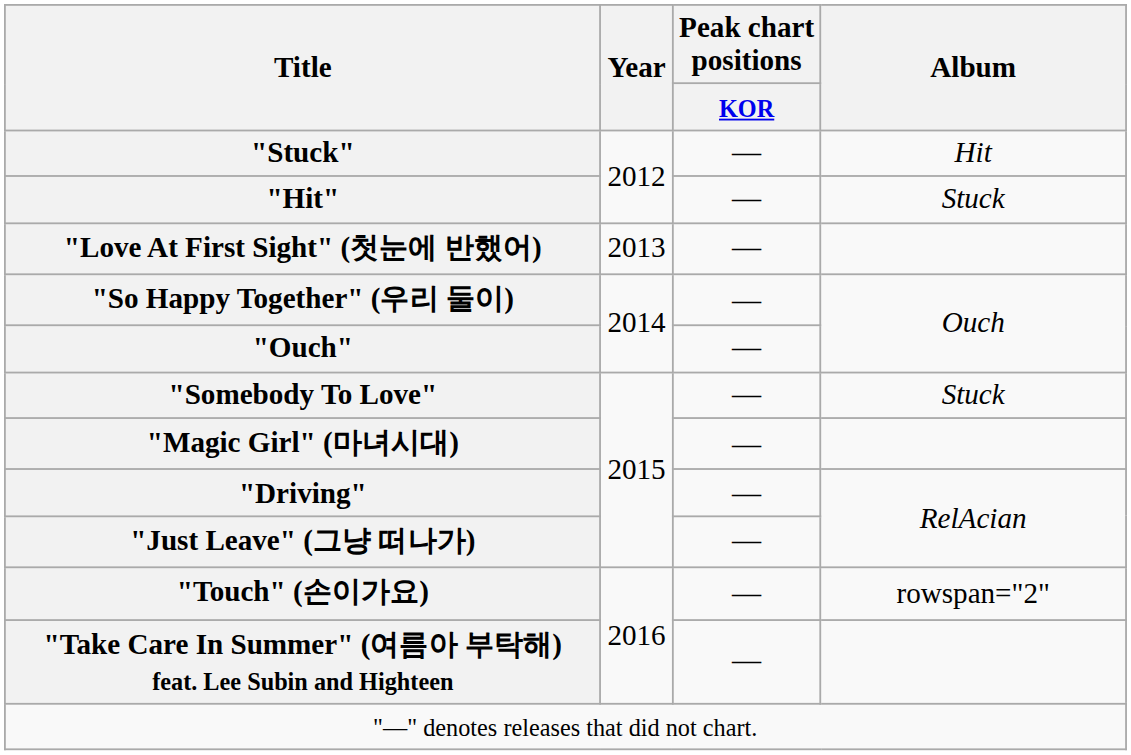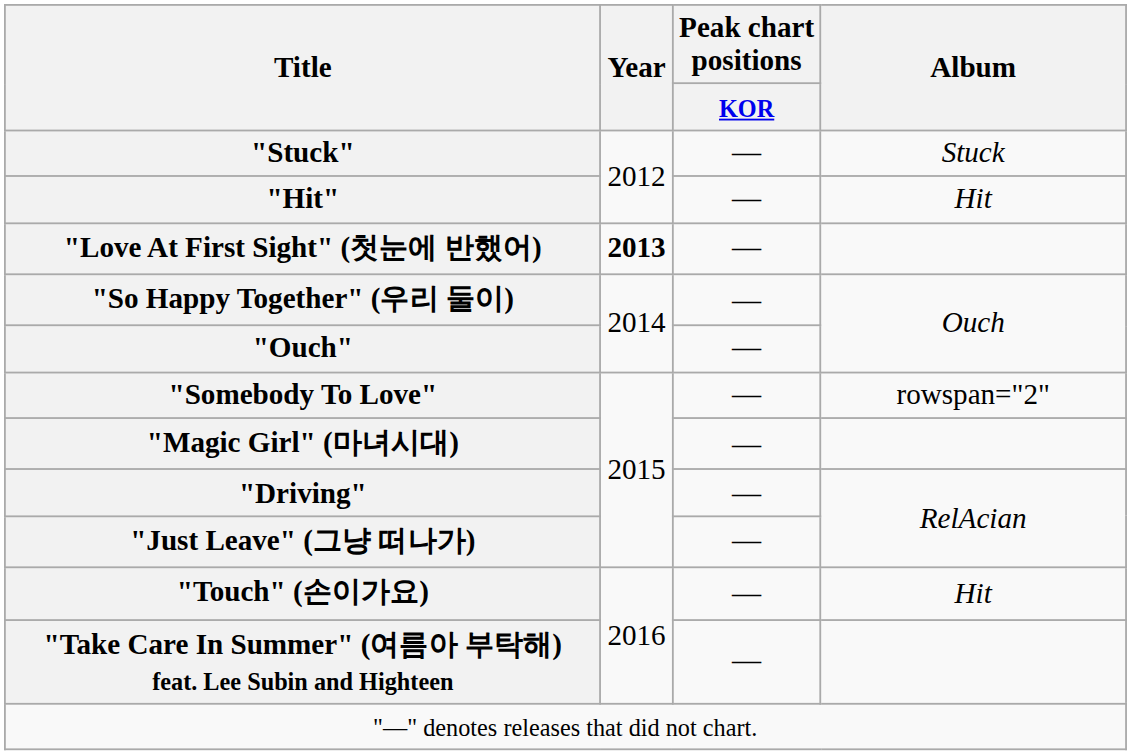 <table class="wikitable plainrowheaders" style="text-align:center;" border="1">
 <tr>
 <th scope="col" rowspan="2" style="width:20em;">Title</th>
 <th scope="col" rowspan="2">Year</th>
 <th scope="col" colspan="1">Peak chart <br> positions</th>
 <th scope="col" rowspan="2" style="width:10em;">Album</th>
 </tr>
 <tr>
 <th><small><a href='#'>KOR</a></small><br></th>
 </tr>
 <tr>
 <th scope="row">"Stuck"</th>
 <td rowspan="2">2012</td>
 <td>—</td>
-<td><em>Hit</em></td>
+<td><em>Stuck</em></td>
 </tr>
 <tr>
 <th scope="row">"Hit"</th>
 <td>—</td>
-<td><em>Stuck</em></td>
+<td><em>Hit</em></td>
 </tr>
 <tr>
 <th scope="row">"Love At First Sight" (첫눈에 반했어)</th>
-<td>2013</td>
+<td><strong>2013</strong></td>
 <td>—</td>
 <td></td>
 </tr>
 <tr>
 <th scope="row">"So Happy Together" (우리 둘이)</th>
 <td rowspan="2">2014</td>
 <td>—</td>
 <td rowspan="2"><em>Ouch</em></td>
 </tr>
 <tr>
 <th scope="row">"Ouch"</th>
 <td>—</td>
 </tr>
 <tr>
 <th scope="row">"Somebody To Love"</th>
 <td rowspan="4">2015</td>
 <td>—</td>
-<td><em>Stuck</em></td>
+<td>rowspan="2" </td>
 </tr>
 <tr>
 <th scope="row">"Magic Girl" (마녀시대)</th>
 <td>—</td>
 </tr>
 <tr>
 <th scope="row">"Driving"</th>
 <td>—</td>
 <td rowspan="2"><em>RelAcian</em></td>
 </tr>
 <tr>
 <th scope="row">"Just Leave" (그냥 떠나가)</th>
 <td>—</td>
 </tr>
 <tr>
 <th scope="row">"Touch" (손이가요)</th>
 <td rowspan="2">2016</td>
 <td>—</td>
-<td>rowspan="2" </td>
+<td><em>Hit</em></td>
 </tr>
 <tr>
 <th scope="row">"Take Care In Summer" (여름아 부탁해) <br> <small>feat. Lee Subin and Highteen</small></th>
 <td>—</td>
 </tr>
 <tr>
 <td colspan="5" align="center"><small>"—" denotes releases that did not chart.</small></td>
 </tr>
 </table>
